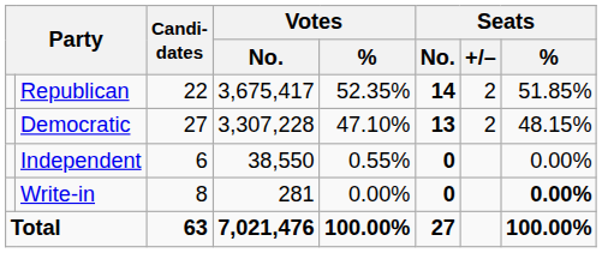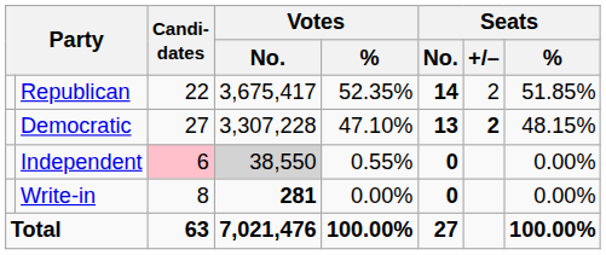 <table class="wikitable" style="font-size:100%; text-align:right;">
 <tr>
 <th colspan=2 rowspan=2>Party</th>
 <th rowspan=2><small>Candi-<br>dates</small></th>
 <th colspan=2>Votes</th>
 <th colspan=3>Seats</th>
 </tr>
 <tr>
 <th>No.</th>
 <th>%</th>
 <th>No.</th>
 <th>+/–</th>
 <th>%</th>
 </tr>
 <tr>
 <td style="background:"></td>
 <td align=left><a href='#'>Republican</a></td>
 <td>22</td>
 <td>3,675,417</td>
 <td>52.35%</td>
 <td><strong>14</strong></td>
 <td>2</td>
 <td>51.85%</td>
 </tr>
 <tr>
 <td style="background:"></td>
 <td align=left><a href='#'>Democratic</a></td>
 <td>27</td>
 <td>3,307,228</td>
 <td>47.10%</td>
 <td><strong>13</strong></td>
-<td>2</td>
+<td><strong>2</strong></td>
 <td>48.15%</td>
 </tr>
 <tr>
 <td style="background:"></td>
 <td align=left><a href='#'>Independent</a></td>
-<td>6</td>
-<td>38,550</td>
+<td style="background: pink;">6</td>
+<td style="background: lightgrey;">38,550</td>
 <td>0.55%</td>
 <td><strong>0</strong></td>
 <td></td>
 <td>0.00%</td>
 </tr>
 <tr>
 <td style="background:"></td>
 <td align=left><a href='#'>Write-in</a></td>
 <td>8</td>
-<td>281</td>
+<td><strong>281</strong></td>
 <td>0.00%</td>
 <td><strong>0</strong></td>
 <td></td>
-<td><strong>0.00%</strong></td>
+<td>0.00%</td>
 </tr>
 <tr style="font-weight:bold">
 <td colspan=2 align=left>Total</td>
 <td>63</td>
 <td>7,021,476</td>
 <td>100.00%</td>
 <td>27</td>
 <td></td>
 <td>100.00%</td>
 </tr>
 </table>
